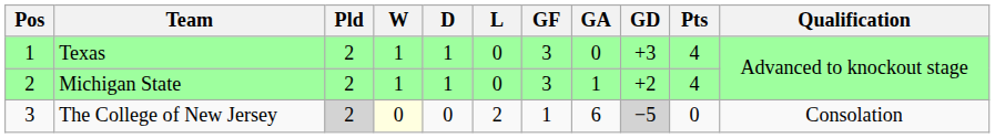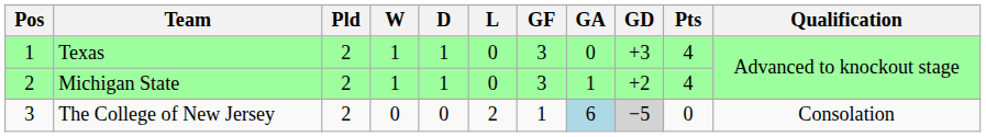 <table class="wikitable" style="text-align:center; margin: 1em auto">
 <tr>
 <th style=width:2em>Pos</th>
 <th style=width:13em>Team</th>
 <th style=width:2em>Pld</th>
 <th style=width:2em>W</th>
 <th style=width:2em>D</th>
 <th style=width:2em>L</th>
 <th style=width:2em>GF</th>
 <th style=width:2em>GA</th>
 <th style=width:2em>GD</th>
 <th style=width:2em>Pts</th>
 <th style=width:13em>Qualification</th>
 </tr>
 <tr bgcolor="#9eff9e">
 <td>1</td>
 <td style="text-align:left">Texas</td>
 <td>2</td>
 <td>1</td>
 <td>1</td>
 <td>0</td>
 <td>3</td>
 <td>0</td>
 <td>+3</td>
 <td>4</td>
 <td rowspan="2">Advanced to knockout stage</td>
 </tr>
 <tr bgcolor="#9eff9e">
 <td>2</td>
 <td style="text-align:left">Michigan State</td>
 <td>2</td>
 <td>1</td>
 <td>1</td>
 <td>0</td>
 <td>3</td>
 <td>1</td>
 <td>+2</td>
 <td>4</td>
 </tr>
 <tr>
 <td>3</td>
 <td style="text-align:left">The College of New Jersey</td>
-<td style="background: lightgrey;">2</td>
-<td style="background: lightyellow;">0</td>
+<td>2</td>
+<td>0</td>
 <td>0</td>
 <td>2</td>
 <td>1</td>
-<td>6</td>
+<td style="background: lightblue;">6</td>
 <td style="background: lightgrey;">−5</td>
 <td>0</td>
 <td>Consolation</td>
 </tr>
 </table>
